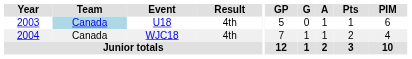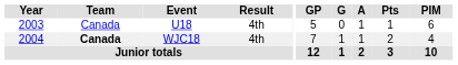 <table border="0" cellpadding="1" cellspacing="0" ID="Table3" style="text-align:center; width:40em">
 <tr bgcolor="#e0e0e0">
 <th>Year</th>
 <th>Team</th>
 <th>Event</th>
 <th>Result</th>
 <th rowspan="99" bgcolor="#ffffff"></th>
 <th>GP</th>
 <th>G</th>
 <th>A</th>
 <th>Pts</th>
 <th>PIM</th>
 </tr>
 <tr>
 <td><a href='#'>2003</a></td>
-<td style="background: lightblue;"><a href='#'>Canada</a></td>
+<td><a href='#'>Canada</a></td>
 <td><a href='#'>U18</a></td>
 <td>4th</td>
 <td>5</td>
 <td>0</td>
 <td>1</td>
 <td>1</td>
 <td>6</td>
 </tr>
 <tr bgcolor="#f0f0f0">
 <td><a href='#'>2004</a></td>
-<td>Canada</td>
+<td><strong>Canada</strong></td>
 <td><a href='#'>WJC18</a></td>
 <td>4th</td>
 <td>7</td>
 <td>1</td>
 <td>1</td>
 <td>2</td>
 <td>4</td>
 </tr>
 <tr bgcolor="#e0e0e0">
 <th colspan="4">Junior totals</th>
 <th>12</th>
 <th>1</th>
 <th>2</th>
 <th>3</th>
 <th>10</th>
 </tr>
 </table>
